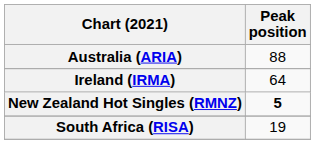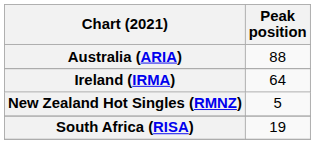 <table class="wikitable sortable plainrowheaders" style="text-align:center">
 <tr>
 <th scope="col">Chart (2021)</th>
 <th scope="col">Peak<br>position</th>
 </tr>
 <tr>
 <th scope="row">Australia (<a href='#'>ARIA</a>)</th>
 <td>88</td>
 </tr>
 <tr>
 </tr>
 <tr>
 </tr>
 <tr>
 <th scope="row">Ireland (<a href='#'>IRMA</a>)</th>
 <td>64</td>
 </tr>
 <tr>
 <th scope="row">New Zealand Hot Singles (<a href='#'>RMNZ</a>)</th>
-<td><strong>5</strong></td>
+<td>5</td>
 </tr>
 <tr>
 </tr>
 <tr>
 <th scope="row">South Africa (<a href='#'>RISA</a>)</th>
 <td>19</td>
 </tr>
 <tr>
 </tr>
 <tr>
 </tr>
 <tr>
 </tr>
 <tr>
 </tr>
 <tr>
 </tr>
 <tr>
 </tr>
 <tr>
 </tr>
 </table>
